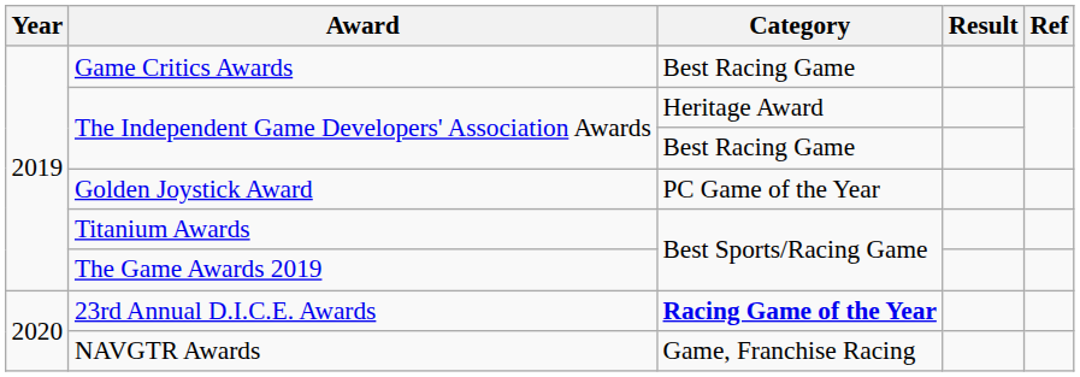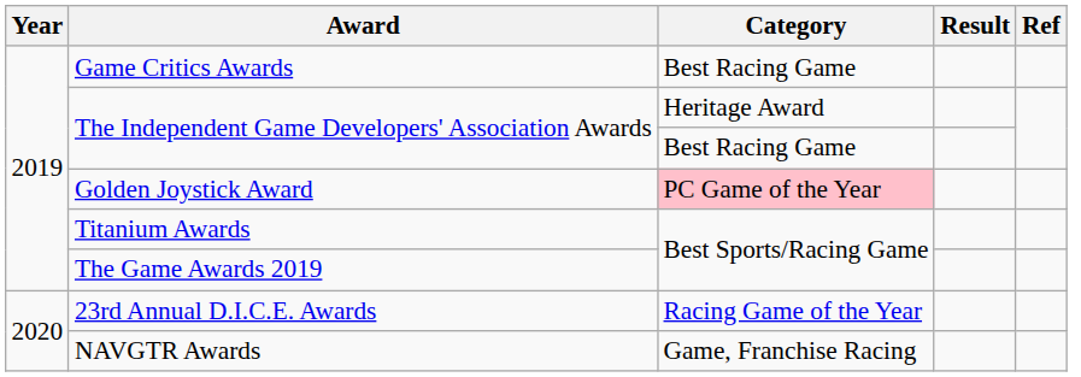 <table class="wikitable">
 <tr>
 <th>Year</th>
 <th>Award</th>
 <th>Category</th>
 <th>Result</th>
 <th>Ref</th>
 </tr>
 <tr>
 <td style="text-align:center;" rowspan="6">2019</td>
 <td><a href='#'>Game Critics Awards</a></td>
 <td>Best Racing Game</td>
 <td></td>
 <td></td>
 </tr>
 <tr>
 <td rowspan="2"><a href='#'>The Independent Game Developers' Association</a> Awards</td>
 <td>Heritage Award</td>
 <td></td>
 <td rowspan="2"></td>
 </tr>
 <tr>
 <td>Best Racing Game</td>
 <td></td>
 </tr>
 <tr>
 <td><a href='#'>Golden Joystick Award</a></td>
-<td>PC Game of the Year</td>
+<td style="background: pink;">PC Game of the Year</td>
 <td></td>
 <td></td>
 </tr>
 <tr>
 <td><a href='#'>Titanium Awards</a></td>
 <td rowspan="2">Best Sports/Racing Game</td>
 <td></td>
 <td></td>
 </tr>
 <tr>
 <td><a href='#'>The Game Awards 2019</a></td>
 <td></td>
 <td></td>
 </tr>
 <tr>
 <td style="text-align:center;" rowspan="2">2020</td>
 <td><a href='#'>23rd Annual D.I.C.E. Awards</a></td>
-<td><strong><a href='#'>Racing Game of the Year</a></strong></td>
+<td><a href='#'>Racing Game of the Year</a></td>
 <td></td>
 <td></td>
 </tr>
 <tr>
 <td>NAVGTR Awards</td>
 <td>Game, Franchise Racing</td>
 <td></td>
 <td></td>
 </tr>
 </table>
